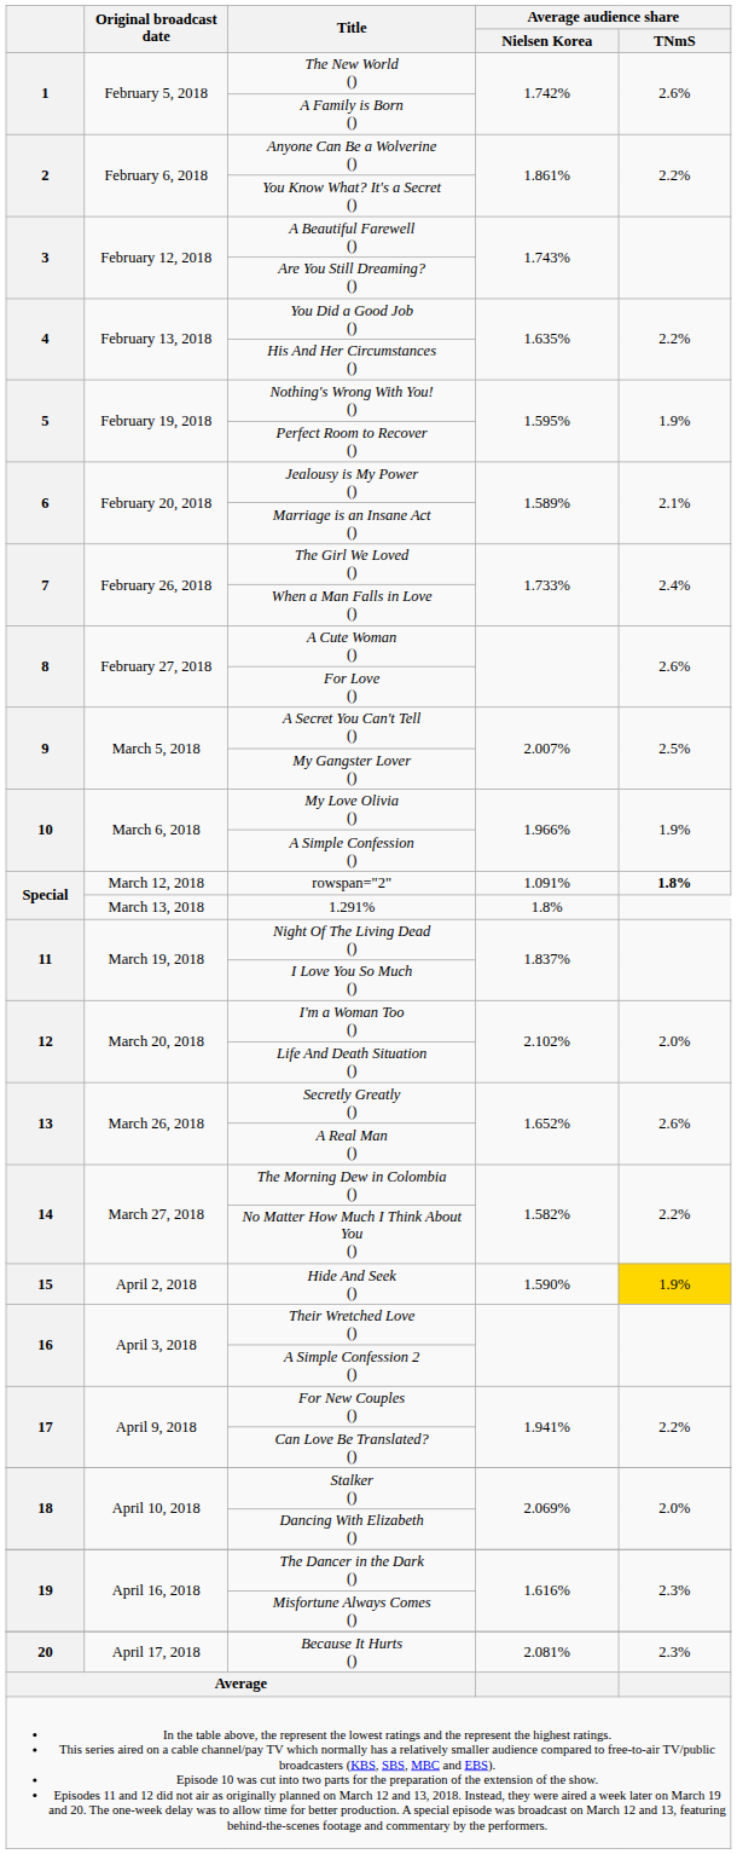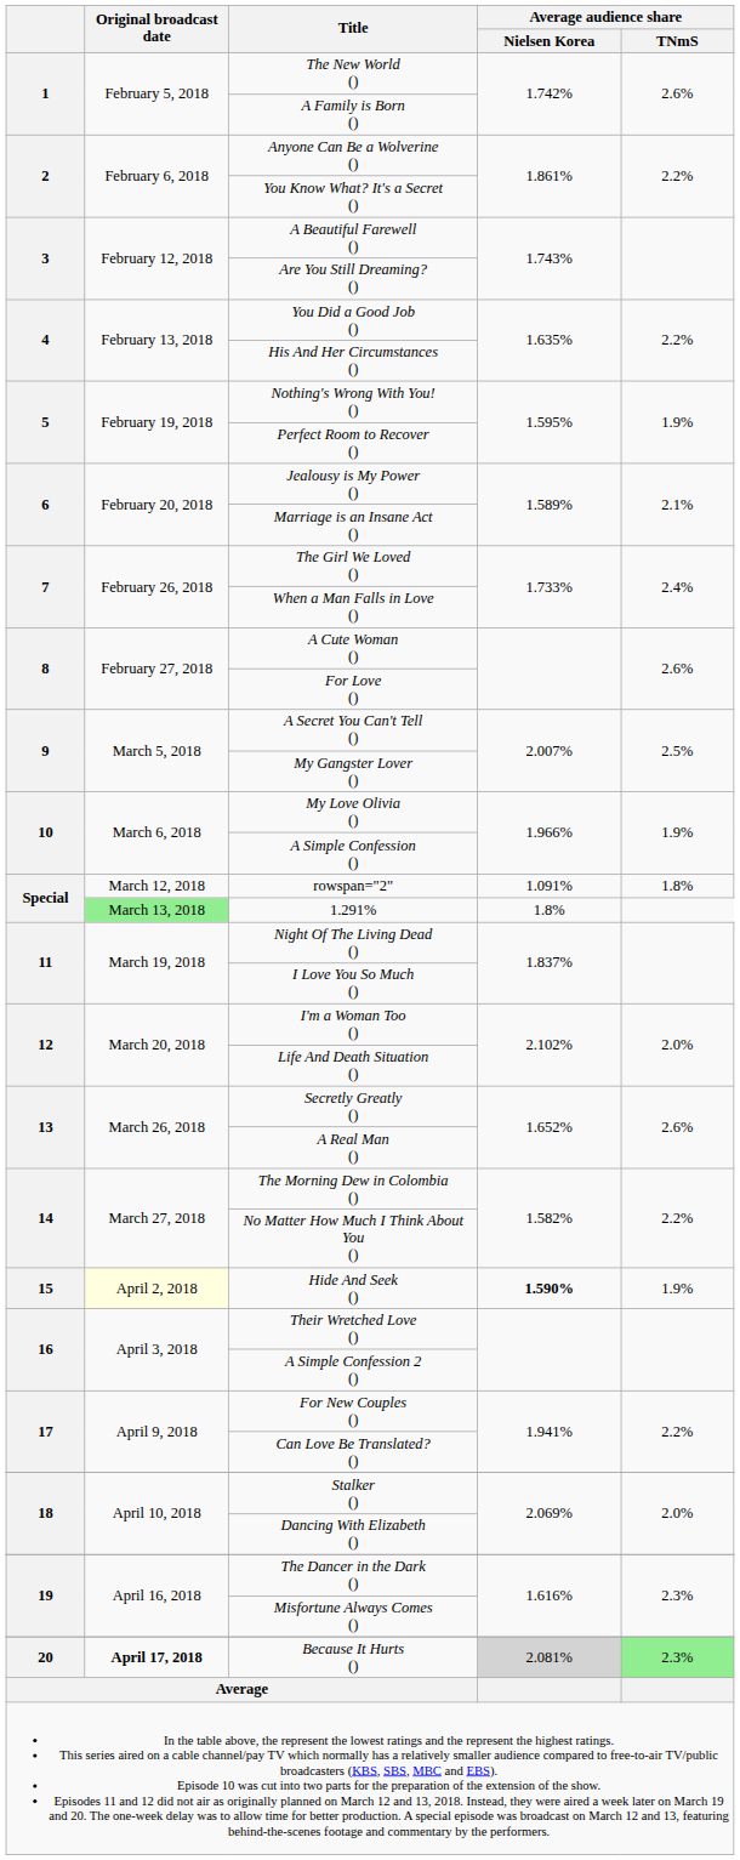 <table class="wikitable" style="text-align:center;max-width:770px; margin-left: auto; margin-right: auto; border: none;">
 <tr>
 </tr>
 <tr>
 <th rowspan="2"></th>
 <th rowspan="2">Original broadcast<br>date</th>
 <th rowspan="2">Title</th>
 <th colspan="2">Average audience share</th>
 </tr>
 <tr>
 <th scope="col" style="width:9em">Nielsen Korea</th>
 <th scope="col" style="width:7em">TNmS</th>
 </tr>
 <tr>
 <th rowspan="2">1</th>
 <td rowspan="2">February 5, 2018</td>
 <td><em>The New World</em><br>()</td>
 <td rowspan="2">1.742%</td>
 <td rowspan="2">2.6%</td>
 </tr>
 <tr>
 <td><em>A Family is Born</em><br>()</td>
 </tr>
 <tr>
 <th rowspan="2">2</th>
 <td rowspan="2">February 6, 2018</td>
 <td><em>Anyone Can Be a Wolverine</em><br>()</td>
 <td rowspan="2">1.861%</td>
 <td rowspan="2">2.2%</td>
 </tr>
 <tr>
 <td><em>You Know What? It's a Secret</em><br>()</td>
 </tr>
 <tr>
 <th rowspan="2">3</th>
 <td rowspan="2">February 12, 2018</td>
 <td><em>A Beautiful Farewell</em><br>()</td>
 <td rowspan="2">1.743%</td>
 <td rowspan="2"></td>
 </tr>
 <tr>
 <td><em>Are You Still Dreaming?</em><br>()</td>
 </tr>
 <tr>
 <th rowspan="2">4</th>
 <td rowspan="2">February 13, 2018</td>
 <td><em>You Did a Good Job</em><br>()</td>
 <td rowspan="2">1.635%</td>
 <td rowspan="2">2.2%</td>
 </tr>
 <tr>
 <td><em>His And Her Circumstances</em><br>()</td>
 </tr>
 <tr>
 <th rowspan="2">5</th>
 <td rowspan="2">February 19, 2018</td>
 <td><em>Nothing's Wrong With You!</em><br>()</td>
 <td rowspan="2">1.595%</td>
 <td rowspan="2">1.9%</td>
 </tr>
 <tr>
 <td><em>Perfect Room to Recover</em><br>()</td>
 </tr>
 <tr>
 <th rowspan="2">6</th>
 <td rowspan="2">February 20, 2018</td>
 <td><em>Jealousy is My Power</em><br>()</td>
 <td rowspan="2">1.589%</td>
 <td rowspan="2">2.1%</td>
 </tr>
 <tr>
 <td><em>Marriage is an Insane Act</em><br>()</td>
 </tr>
 <tr>
 <th rowspan="2">7</th>
 <td rowspan="2">February 26, 2018</td>
 <td><em>The Girl We Loved</em><br>()</td>
 <td rowspan="2">1.733%</td>
 <td rowspan="2">2.4%</td>
 </tr>
 <tr>
 <td><em>When a Man Falls in Love</em><br>()</td>
 </tr>
 <tr>
 <th rowspan="2">8</th>
 <td rowspan="2">February 27, 2018</td>
 <td><em>A Cute Woman</em><br>()</td>
 <td rowspan="2"></td>
 <td rowspan="2">2.6%</td>
 </tr>
 <tr>
 <td><em>For Love</em><br>()</td>
 </tr>
 <tr>
 <th rowspan="2">9</th>
 <td rowspan="2">March 5, 2018</td>
 <td><em>A Secret You Can't Tell</em><br>()</td>
 <td rowspan="2">2.007%</td>
 <td rowspan="2">2.5%</td>
 </tr>
 <tr>
 <td><em>My Gangster Lover</em><br>()</td>
 </tr>
 <tr>
 <th rowspan="2">10</th>
 <td rowspan="2">March 6, 2018</td>
 <td><em>My Love Olivia</em><br>()</td>
 <td rowspan="2">1.966%</td>
 <td rowspan="2">1.9%</td>
 </tr>
 <tr>
 <td><em>A Simple Confession</em><br>()</td>
 </tr>
 <tr>
 <th rowspan="2">Special</th>
 <td>March 12, 2018</td>
 <td>rowspan="2" </td>
 <td>1.091%</td>
-<td><strong>1.8%</strong></td>
+<td>1.8%</td>
 </tr>
 <tr>
-<td>March 13, 2018</td>
+<td style="background: lightgreen;">March 13, 2018</td>
 <td>1.291%</td>
 <td>1.8%</td>
 </tr>
 <tr>
 <th rowspan="2">11</th>
 <td rowspan="2">March 19, 2018</td>
 <td><em>Night Of The Living Dead</em><br>()</td>
 <td rowspan="2">1.837%</td>
 <td rowspan="2"></td>
 </tr>
 <tr>
 <td><em>I Love You So Much</em><br>()</td>
 </tr>
 <tr>
 <th rowspan="2">12</th>
 <td rowspan="2">March 20, 2018</td>
 <td><em>I'm a Woman Too</em><br>()</td>
 <td rowspan="2">2.102%</td>
 <td rowspan="2">2.0%</td>
 </tr>
 <tr>
 <td><em>Life And Death Situation</em><br>()</td>
 </tr>
 <tr>
 <th rowspan="2">13</th>
 <td rowspan="2">March 26, 2018</td>
 <td><em>Secretly Greatly</em><br>()</td>
 <td rowspan="2">1.652%</td>
 <td rowspan="2">2.6%</td>
 </tr>
 <tr>
 <td><em>A Real Man</em><br>()</td>
 </tr>
 <tr>
 <th rowspan="2">14</th>
 <td rowspan="2">March 27, 2018</td>
 <td><em>The Morning Dew in Colombia</em><br>()</td>
 <td rowspan="2">1.582%</td>
 <td rowspan="2">2.2%</td>
 </tr>
 <tr>
 <td><em>No Matter How Much I Think About You</em><br>()</td>
 </tr>
 <tr>
 <th>15</th>
-<td>April 2, 2018</td>
+<td style="background: lightyellow;">April 2, 2018</td>
 <td><em>Hide And Seek</em><br>()</td>
-<td>1.590%</td>
-<td style="background: gold;">1.9%</td>
+<td><strong>1.590%</strong></td>
+<td>1.9%</td>
 </tr>
 <tr>
 <th rowspan="2">16</th>
 <td rowspan="2">April 3, 2018</td>
 <td><em>Their Wretched Love</em><br>()</td>
 <td rowspan="2"><strong></strong></td>
 <td rowspan="2"></td>
 </tr>
 <tr>
 <td><em>A Simple Confession 2</em><br>()</td>
 </tr>
 <tr>
 <th rowspan="2">17</th>
 <td rowspan="2">April 9, 2018</td>
 <td><em>For New Couples</em><br>()</td>
 <td rowspan="2">1.941%</td>
 <td rowspan="2">2.2%</td>
 </tr>
 <tr>
 <td><em>Can Love Be Translated?</em><br>()</td>
 </tr>
 <tr>
 </tr>
 <tr>
 <th rowspan="2">18</th>
 <td rowspan="2">April 10, 2018</td>
 <td><em>Stalker</em><br>()</td>
 <td rowspan="2">2.069%</td>
 <td rowspan="2">2.0%</td>
 </tr>
 <tr>
 <td><em>Dancing With Elizabeth</em><br>()</td>
 </tr>
 <tr>
 </tr>
 <tr>
 <th rowspan="2">19</th>
 <td rowspan="2">April 16, 2018</td>
 <td><em>The Dancer in the Dark</em><br>()</td>
 <td rowspan="2">1.616%</td>
 <td rowspan="2">2.3%</td>
 </tr>
 <tr>
 <td><em>Misfortune Always Comes</em><br>()</td>
 </tr>
 <tr>
 </tr>
 <tr>
 <th>20</th>
-<td>April 17, 2018</td>
+<td><strong>April 17, 2018</strong></td>
 <td><em>Because It Hurts</em><br>()</td>
-<td>2.081%</td>
-<td>2.3%</td>
+<td style="background: lightgrey;">2.081%</td>
+<td style="background: lightgreen;">2.3%</td>
 </tr>
 <tr>
 <th colspan="3">Average</th>
 <th></th>
 <th></th>
 </tr>
 <tr>
 <td colspan="5" style="font-size:85%"><br><ul><li>In the table above, the <strong></strong> represent the lowest ratings and the <strong></strong> represent the highest ratings.</li><li>This series aired on a cable channel/pay TV which normally has a relatively smaller audience compared to free-to-air TV/public broadcasters (<a href='#'>KBS</a>, <a href='#'>SBS</a>, <a href='#'>MBC</a> and <a href='#'>EBS</a>).</li><li>Episode 10 was cut into two parts for the preparation of the extension of the show.</li><li>Episodes 11 and 12 did not air as originally planned on March 12 and 13, 2018. Instead, they were aired a week later on March 19 and 20. The one-week delay was to allow time for better production. A special episode was broadcast on March 12 and 13, featuring behind-the-scenes footage and commentary by the performers.</li></ul></td>
 </tr>
 </table>
